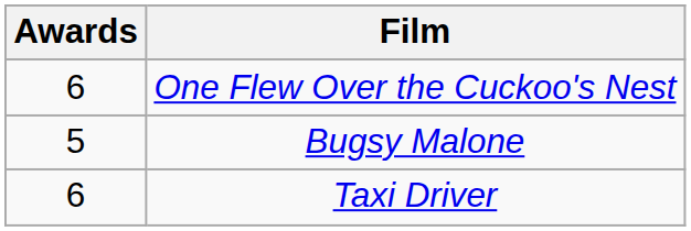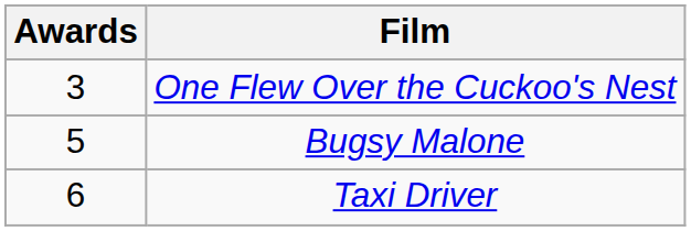 <table class="wikitable" style="text-align:center;">
 <tr>
 <th style="background:">Awards</th>
 <th style="background:">Film</th>
 </tr>
 <tr>
-<td>6</td>
+<td>3</td>
 <td><em><a href='#'>One Flew Over the Cuckoo's Nest</a></em></td>
 </tr>
 <tr>
 <td>5</td>
 <td><em><a href='#'>Bugsy Malone</a></em></td>
 </tr>
 <tr>
 <td>6</td>
 <td><em><a href='#'>Taxi Driver</a></em></td>
 </tr>
 </table>
